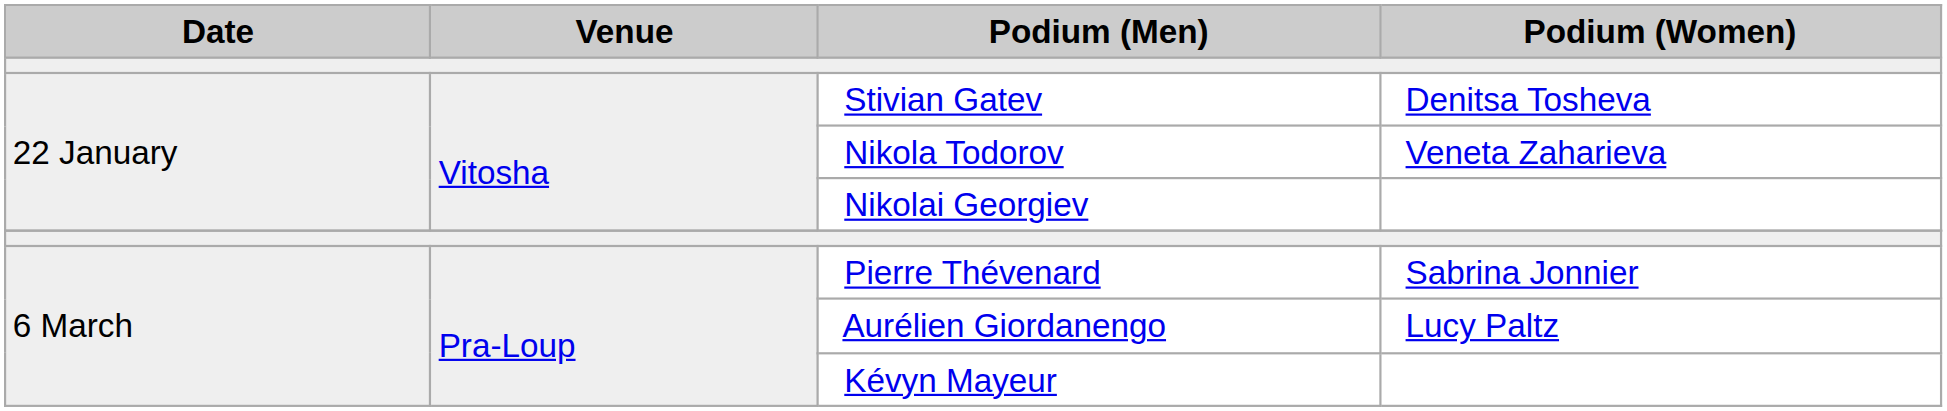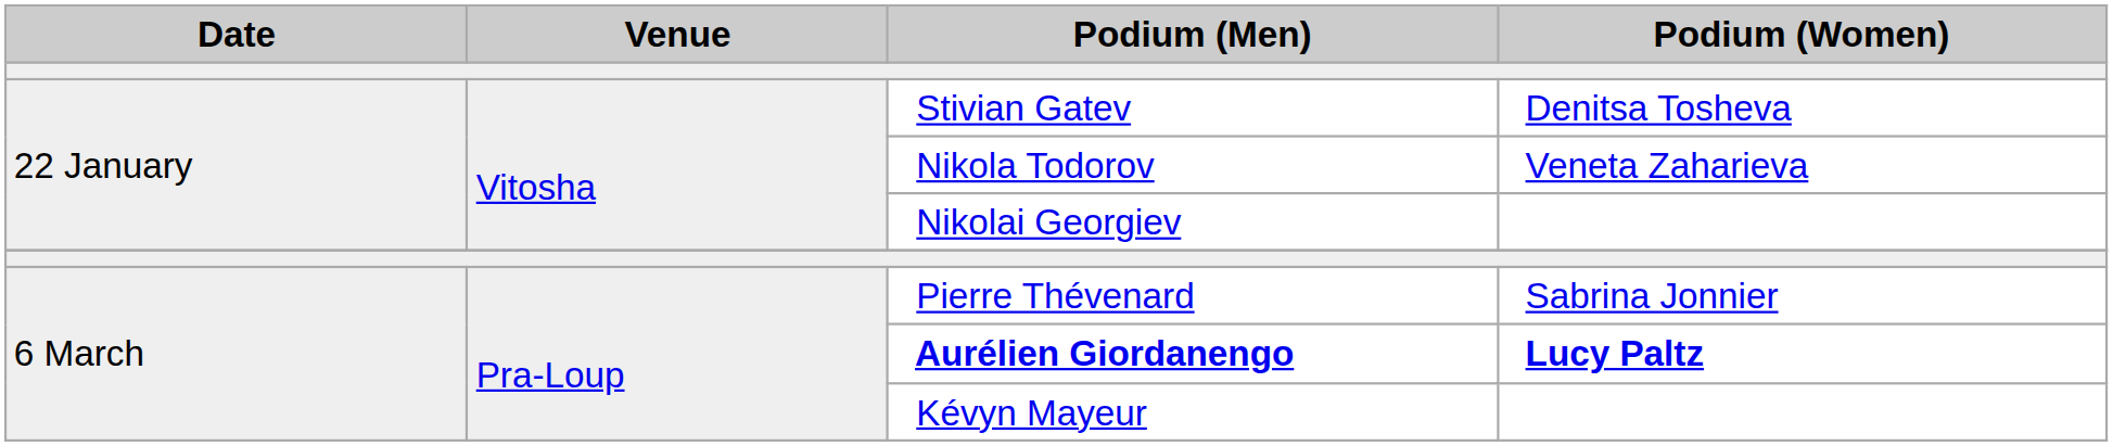 <table class="wikitable" width=70% bgcolor="#f7f8ff" cellpadding="3" cellspacing="0" border="1" style="font-size: 95%; border: gray solid 1px; border-collapse: collapse;">
 <tr bgcolor="#CCCCCC">
 <td align="center"><strong>Date</strong></td>
 <td width=20% align="center"><strong>Venue</strong></td>
 <td width=29% align="center"><strong>Podium (Men)</strong></td>
 <td width=29% align="center"><strong>Podium (Women)</strong></td>
 </tr>
 <tr bgcolor="#EFEFEF">
 <td colspan=4></td>
 </tr>
 <tr bgcolor="#EFEFEF">
 <td rowspan=3>22 January</td>
 <td rowspan=3><br><a href='#'>Vitosha</a></td>
 <td bgcolor="#ffffff">   <a href='#'>Stivian Gatev</a></td>
 <td bgcolor="#ffffff">   <a href='#'>Denitsa Tosheva</a></td>
 </tr>
 <tr>
 <td bgcolor="#ffffff">   <a href='#'>Nikola Todorov</a></td>
 <td bgcolor="#ffffff">   <a href='#'>Veneta Zaharieva</a></td>
 </tr>
 <tr>
 <td bgcolor="#ffffff">   <a href='#'>Nikolai Georgiev</a></td>
 <td bgcolor="#ffffff">  </td>
 </tr>
 <tr>
 </tr>
 <tr bgcolor="#EFEFEF">
 <td colspan=4></td>
 </tr>
 <tr bgcolor="#EFEFEF">
 <td rowspan=3>6 March</td>
 <td rowspan=3><br><a href='#'>Pra-Loup</a></td>
 <td bgcolor="#ffffff">   <a href='#'>Pierre Thévenard</a></td>
 <td bgcolor="#ffffff">   <a href='#'>Sabrina Jonnier</a></td>
 </tr>
 <tr>
-<td bgcolor="#ffffff">   <a href='#'>Aurélien Giordanengo</a></td>
-<td bgcolor="#ffffff">   <a href='#'>Lucy Paltz</a></td>
+<td bgcolor="#ffffff"><strong>   <a href='#'>Aurélien Giordanengo</a></strong></td>
+<td bgcolor="#ffffff"><strong>   <a href='#'>Lucy Paltz</a></strong></td>
 </tr>
 <tr>
 <td bgcolor="#ffffff">   <a href='#'>Kévyn Mayeur</a></td>
 <td bgcolor="#ffffff">  </td>
 </tr>
 </table>
